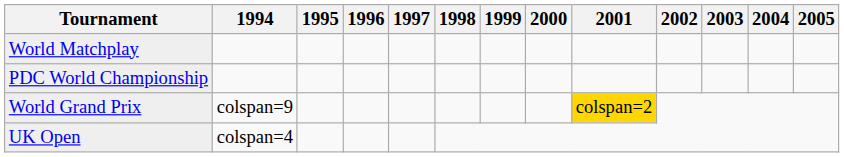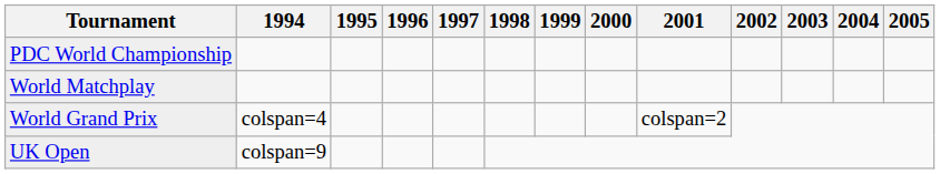 <table class="wikitable">
 <tr>
 <th>Tournament</th>
 <th>1994</th>
 <th>1995</th>
 <th>1996</th>
 <th>1997</th>
 <th>1998</th>
 <th>1999</th>
 <th>2000</th>
 <th>2001</th>
 <th>2002</th>
 <th>2003</th>
 <th>2004</th>
 <th>2005</th>
 </tr>
 <tr>
+<td style="background:#efefef;"><a href='#'>PDC World Championship</a></td>
+<td></td>
+<td></td>
+<td></td>
+<td></td>
+<td></td>
+<td></td>
+<td></td>
+<td></td>
+<td></td>
+<td></td>
+<td></td>
+<td></td>
+</tr>
+<tr>
 <td style="background:#efefef;"><a href='#'>World Matchplay</a></td>
 <td></td>
 <td></td>
 <td></td>
 <td></td>
 <td></td>
 <td></td>
 <td></td>
 <td></td>
 <td></td>
 <td></td>
 <td></td>
 <td></td>
 </tr>
 <tr>
-<td style="background:#efefef;"><a href='#'>PDC World Championship</a></td>
+<td style="background:#efefef;"><a href='#'>World Grand Prix</a></td>
+<td>colspan=4 </td>
 <td></td>
 <td></td>
 <td></td>
 <td></td>
 <td></td>
 <td></td>
-<td></td>
-<td></td>
-<td></td>
-<td></td>
-<td></td>
-<td></td>
-</tr>
-<tr>
-<td style="background:#efefef;"><a href='#'>World Grand Prix</a></td>
-<td>colspan=9 </td>
-<td></td>
-<td></td>
-<td></td>
-<td></td>
-<td></td>
-<td></td>
-<td style="background: gold;">colspan=2 </td>
+<td>colspan=2 </td>
 </tr>
 <tr>
 <td style="background:#efefef;"><a href='#'>UK Open</a></td>
-<td>colspan=4 </td>
+<td>colspan=9 </td>
 <td></td>
 <td></td>
 <td></td>
 </tr>
 </table>
